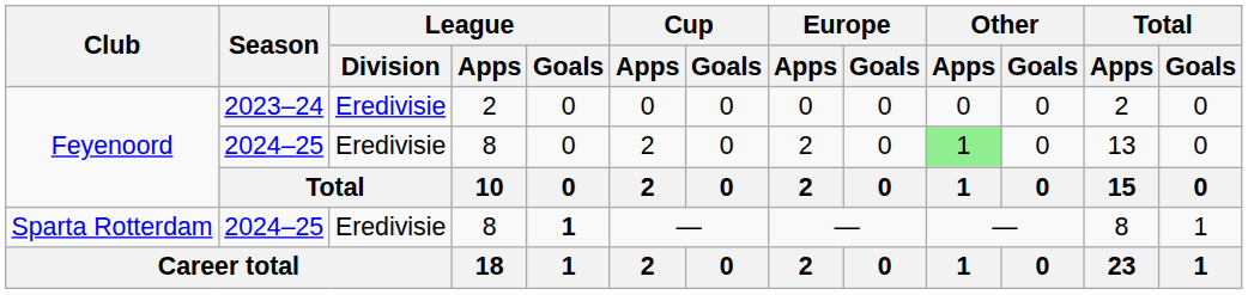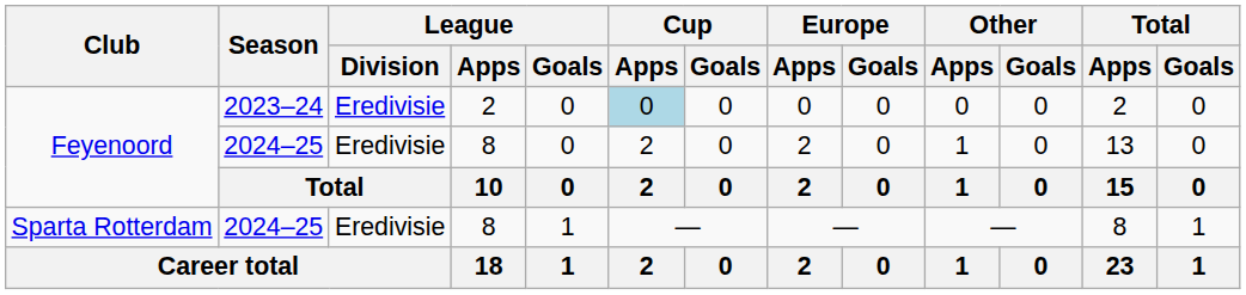 <table class="wikitable" style="text-align:center">
 <tr>
 <th rowspan="2">Club</th>
 <th rowspan="2">Season</th>
 <th colspan="3">League</th>
 <th colspan="2">Cup</th>
 <th colspan="2">Europe</th>
 <th colspan="2">Other</th>
 <th colspan="2">Total</th>
 </tr>
 <tr>
 <th>Division</th>
 <th>Apps</th>
 <th>Goals</th>
 <th>Apps</th>
 <th>Goals</th>
 <th>Apps</th>
 <th>Goals</th>
 <th>Apps</th>
 <th>Goals</th>
 <th>Apps</th>
 <th>Goals</th>
 </tr>
 <tr>
 <td rowspan="3"><a href='#'>Feyenoord</a></td>
 <td><a href='#'>2023–24</a></td>
 <td><a href='#'>Eredivisie</a></td>
 <td>2</td>
 <td>0</td>
-<td>0</td>
+<td style="background: lightblue;">0</td>
 <td>0</td>
 <td>0</td>
 <td>0</td>
 <td>0</td>
 <td>0</td>
 <td>2</td>
 <td>0</td>
 </tr>
 <tr>
 <td><a href='#'>2024–25</a></td>
 <td>Eredivisie</td>
 <td>8</td>
 <td>0</td>
 <td>2</td>
 <td>0</td>
 <td>2</td>
 <td>0</td>
-<td style="background: lightgreen;">1</td>
+<td>1</td>
 <td>0</td>
 <td>13</td>
 <td>0</td>
 </tr>
 <tr>
 <th colspan="2">Total</th>
 <th>10</th>
 <th>0</th>
 <th>2</th>
 <th>0</th>
 <th>2</th>
 <th>0</th>
 <th>1</th>
 <th>0</th>
 <th>15</th>
 <th>0</th>
 </tr>
 <tr>
 <td><a href='#'>Sparta Rotterdam</a></td>
 <td><a href='#'>2024–25</a></td>
 <td>Eredivisie</td>
 <td>8</td>
-<td><strong>1</strong></td>
+<td>1</td>
 <td colspan="2">—</td>
 <td colspan="2">—</td>
 <td colspan="2">—</td>
 <td>8</td>
 <td>1</td>
 </tr>
 <tr>
 <th colspan="3">Career total</th>
 <th>18</th>
 <th>1</th>
 <th>2</th>
 <th>0</th>
 <th>2</th>
 <th>0</th>
 <th>1</th>
 <th>0</th>
 <th>23</th>
 <th>1</th>
 </tr>
 </table>
